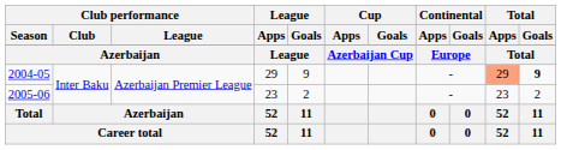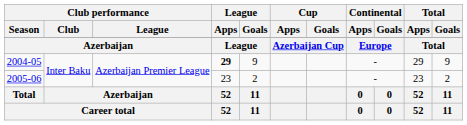 <table class="wikitable" style="text-align:center">
 <tr>
 <th colspan=3>Club performance</th>
 <th colspan=2>League</th>
 <th colspan=2>Cup</th>
 <th colspan=2>Continental</th>
 <th colspan=2>Total</th>
 </tr>
 <tr>
 <th>Season</th>
 <th>Club</th>
 <th>League</th>
 <th>Apps</th>
 <th>Goals</th>
 <th>Apps</th>
 <th>Goals</th>
 <th>Apps</th>
 <th>Goals</th>
 <th>Apps</th>
 <th>Goals</th>
 </tr>
 <tr>
 </tr>
 <tr>
 <th colspan=3>Azerbaijan</th>
 <th colspan=2>League</th>
 <th colspan=2><a href='#'>Azerbaijan Cup</a></th>
 <th colspan=2><a href='#'>Europe</a></th>
 <th colspan=2>Total</th>
 </tr>
 <tr>
 <td><a href='#'>2004-05</a></td>
 <td rowspan="2"><a href='#'>Inter Baku</a></td>
 <td rowspan="2"><a href='#'>Azerbaijan Premier League</a></td>
-<td>29</td>
+<td><strong>29</strong></td>
 <td>9</td>
 <td></td>
 <td></td>
 <td colspan="2">-</td>
-<td style="background: lightsalmon;">29</td>
-<td><strong>9</strong></td>
+<td>29</td>
+<td>9</td>
 </tr>
 <tr>
 <td><a href='#'>2005-06</a></td>
 <td>23</td>
 <td>2</td>
 <td></td>
 <td></td>
 <td colspan="2">-</td>
 <td>23</td>
 <td>2</td>
 </tr>
 <tr>
 <th rowspan=1>Total</th>
 <th colspan=2>Azerbaijan</th>
 <th>52</th>
 <th>11</th>
 <th></th>
 <th></th>
 <th>0</th>
 <th>0</th>
 <th>52</th>
 <th>11</th>
 </tr>
 <tr>
 <th colspan=3>Career total</th>
 <th>52</th>
 <th>11</th>
 <th></th>
 <th></th>
 <th>0</th>
 <th>0</th>
 <th>52</th>
 <th>11</th>
 </tr>
 </table>
